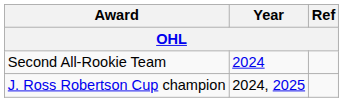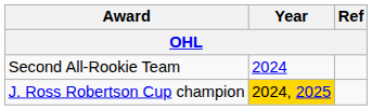 <table class="wikitable">
 <tr>
 <th>Award</th>
 <th>Year</th>
 <th>Ref</th>
 </tr>
 <tr>
 <th colspan="3"><a href='#'>OHL</a></th>
 </tr>
 <tr>
 <td>Second All-Rookie Team</td>
 <td><a href='#'>2024</a></td>
 <td></td>
 </tr>
 <tr>
 <td><a href='#'>J. Ross Robertson Cup</a> champion</td>
-<td>2024, <a href='#'>2025</a></td>
+<td style="background: gold;">2024, <a href='#'>2025</a></td>
 <td></td>
 </tr>
 </table>
